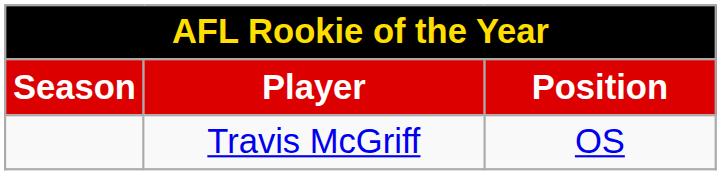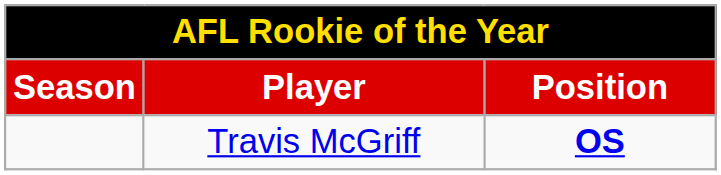 <table class="wikitable sortable" style="text-align:center">
 <tr>
 <td colspan="4" style="background:black; color:#FFDF00;"><strong>AFL Rookie of the Year</strong></td>
 </tr>
 <tr>
 <th style="width:50px; background:#d00; color:white;">Season</th>
 <th style="width:150px; background:#d00; color:white;">Player</th>
 <th style="width:100px; background:#d00; color:white;">Position</th>
 </tr>
 <tr>
 <td></td>
 <td><a href='#'>Travis McGriff</a></td>
-<td><a href='#'>OS</a></td>
+<td><strong><a href='#'>OS</a></strong></td>
 </tr>
 </table>
